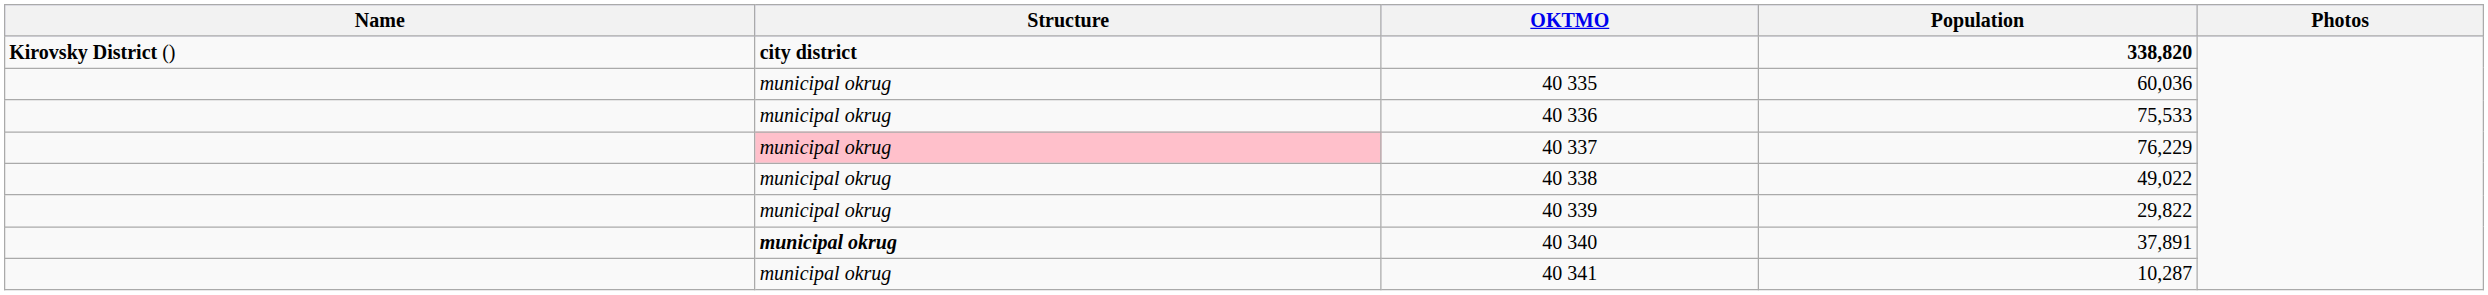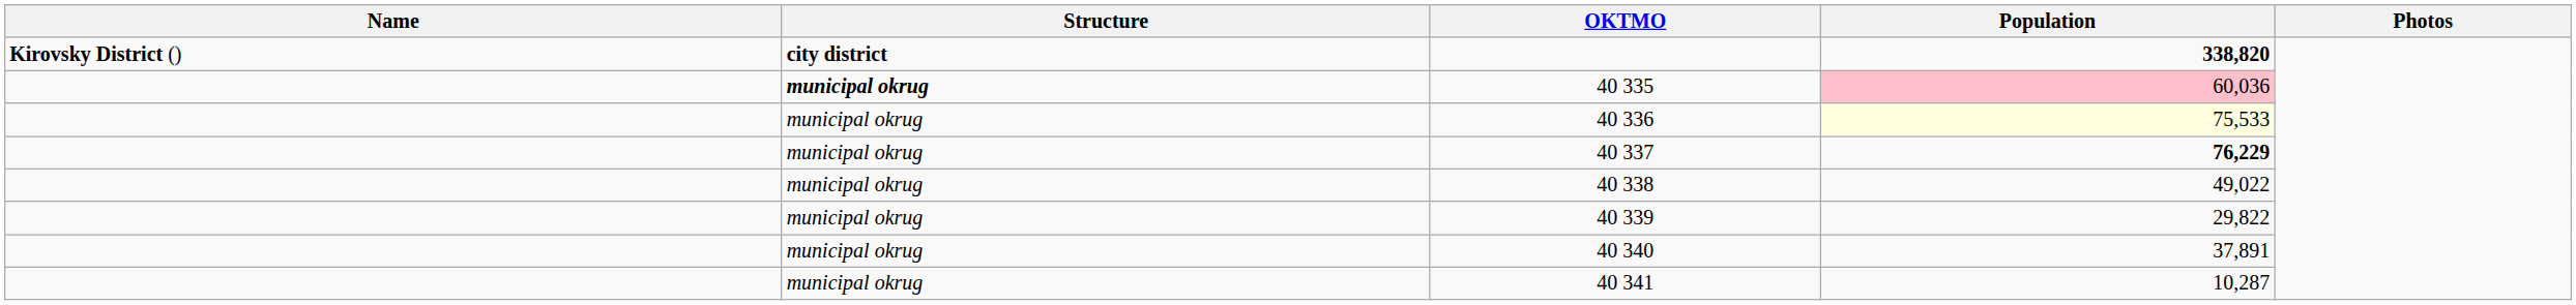 <table width=100% class="wikitable">
 <tr bgcolor="#CCCCFF" align="left">
 <th>Name</th>
 <th>Structure</th>
 <th><a href='#'>OKTMO</a></th>
 <th>Population</th>
 <th>Photos</th>
 </tr>
 <tr valign="top">
 <td><strong>Kirovsky District</strong> ()</td>
 <td align="left"><strong>city district</strong></td>
 <td></td>
 <td align="right"><strong>338,820</strong></td>
 <td rowspan="9"></td>
 </tr>
 <tr>
 <td><br></td>
-<td align="left"><em>municipal okrug</em></td>
+<td align="left"><strong><em>municipal okrug</em></strong></td>
 <td align="center">40 335</td>
-<td align="right">60,036</td>
+<td align="right" style="background: pink;">60,036</td>
 </tr>
 <tr>
 <td><br></td>
 <td align="left"><em>municipal okrug</em></td>
 <td align="center">40 336</td>
-<td align="right">75,533</td>
+<td align="right" style="background: lightyellow;">75,533</td>
 </tr>
 <tr>
 <td><br></td>
-<td align="left" style="background: pink;"><em>municipal okrug</em></td>
+<td align="left"><em>municipal okrug</em></td>
 <td align="center">40 337</td>
-<td align="right">76,229</td>
+<td align="right"><strong>76,229</strong></td>
 </tr>
 <tr>
 <td><br></td>
 <td align="left"><em>municipal okrug</em></td>
 <td align="center">40 338</td>
 <td align="right">49,022</td>
 </tr>
 <tr>
 <td><br></td>
 <td align="left"><em>municipal okrug</em></td>
 <td align="center">40 339</td>
 <td align="right">29,822</td>
 </tr>
 <tr>
 <td><br></td>
-<td align="left"><strong><em>municipal okrug</em></strong></td>
+<td align="left"><em>municipal okrug</em></td>
 <td align="center">40 340</td>
 <td align="right">37,891</td>
 </tr>
 <tr>
 <td><br></td>
 <td align="left"><em>municipal okrug</em></td>
 <td align="center">40 341</td>
 <td align="right">10,287</td>
 </tr>
 </table>
